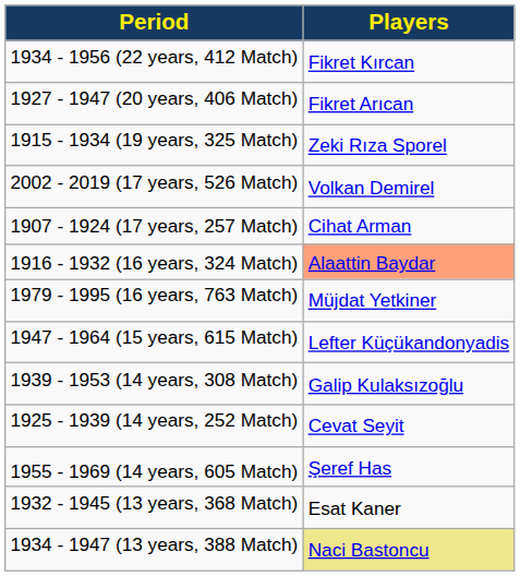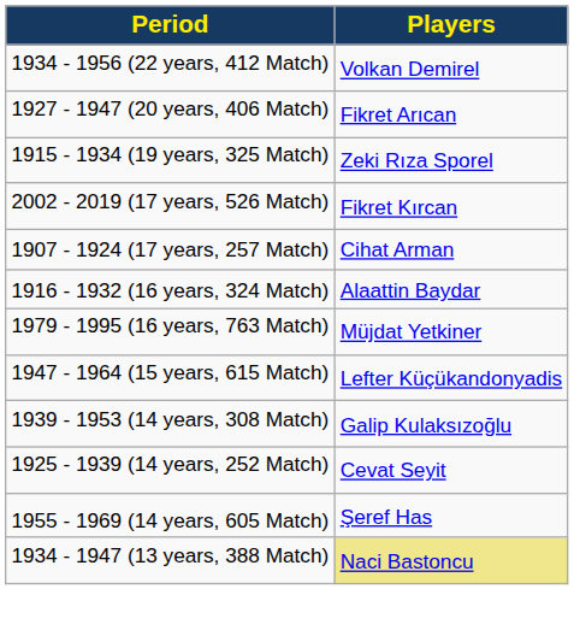 <table class="wikitable" style="text-align:left">
 <tr>
 <th style="color:#FFED00; background:#163962; ">Period</th>
 <th style="color:#FFED00; background:#163962; ">Players</th>
 </tr>
 <tr>
 <td><sup>1934 - 1956 (22 years, 412 Match)</sup></td>
-<td><small><a href='#'>Fikret Kırcan</a></small></td>
+<td><a href='#'><small>Volkan Demirel</small></a></td>
 </tr>
 <tr>
 <td><sup>1927 - 1947 (20 years, 406 Match)</sup></td>
 <td><a href='#'><small>Fikret Arıcan</small></a></td>
 </tr>
 <tr>
 <td><sup>1915 - 1934 (19 years, 325 Match)</sup></td>
 <td><a href='#'><small>Zeki Rıza Sporel</small></a></td>
 </tr>
 <tr>
 <td><sup>2002 - 2019 (17 years, 526 Match)</sup></td>
-<td><a href='#'><small>Volkan Demirel</small></a></td>
+<td><small><a href='#'>Fikret Kırcan</a></small></td>
 </tr>
 <tr>
 <td><small>1907 - 1924 (17 years, 257 Match)</small></td>
 <td><a href='#'><small>Cihat Arman</small></a></td>
 </tr>
 <tr>
 <td><small>1916 - 1932 (16 years, 324 Match)</small></td>
-<td style="background: lightsalmon;"><a href='#'><small>Alaattin Baydar</small></a></td>
+<td><a href='#'><small>Alaattin Baydar</small></a></td>
 </tr>
 <tr>
 <td><sup>1979 - 1995 (16 years, 763 Match)</sup></td>
 <td><a href='#'><small>Müjdat Yetkiner</small></a></td>
 </tr>
 <tr>
 <td><sup>1947 - 1964 (15 years, 615 Match)</sup></td>
 <td><a href='#'><small>Lefter Küçükandonyadis</small></a></td>
 </tr>
 <tr>
 <td><sup>1939 - 1953 (14 years, 308 Match)</sup></td>
 <td><a href='#'><small>Galip Kulaksızoğlu</small></a></td>
 </tr>
 <tr>
 <td><sup>1925 - 1939 (14 years, 252 Match)</sup></td>
 <td><a href='#'><small>Cevat Seyit</small></a></td>
 </tr>
 <tr>
 <td><sub>1955 - 1969 (14 years, 605 Match)</sub></td>
 <td><a href='#'><small>Şeref Has</small></a></td>
 </tr>
 <tr>
-<td><sup>1932 - 1945 (13 years, 368 Match)</sup></td>
-<td><small>Esat Kaner</small></td>
-</tr>
-<tr>
 <td><sup>1934 - 1947 (13 years, 388 Match)</sup></td>
 <td style="background: khaki;"><a href='#'><small>Naci Bastoncu</small></a></td>
 </tr>
 </table>
